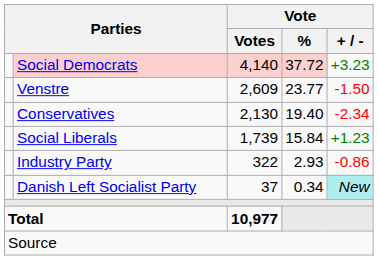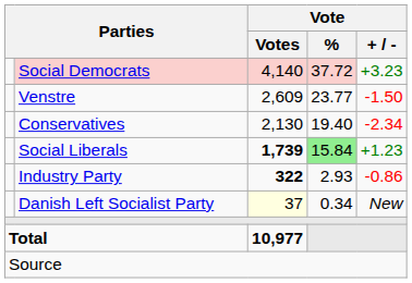 <table class="wikitable" style="text-align:right;">
 <tr>
 <th style="text-align:centre;" rowspan="2" colspan="2" width="225">Parties</th>
 <th colspan="3">Vote</th>
 </tr>
 <tr>
 <th width="15">Votes</th>
 <th width="15">%</th>
 <th width="15">+ / -</th>
 </tr>
 <tr>
 <td width="2" style="color:inherit;background:"></td>
 <td bgcolor=#fbd0ce  align="left"><a href='#'>Social Democrats</a></td>
 <td bgcolor=#fbd0ce>4,140</td>
 <td bgcolor=#fbd0ce>37.72</td>
 <td style=color:green;>+3.23</td>
 </tr>
 <tr>
 <td width="2" style="color:inherit;background:"></td>
 <td align="left"><a href='#'>Venstre</a></td>
 <td>2,609</td>
 <td>23.77</td>
 <td style=color:red;>-1.50</td>
 </tr>
 <tr>
 <td width="2" style="color:inherit;background:"></td>
 <td align="left"><a href='#'>Conservatives</a></td>
 <td>2,130</td>
 <td>19.40</td>
 <td style=color:red;>-2.34</td>
 </tr>
 <tr>
 <td width="2" style="color:inherit;background:"></td>
 <td align="left"><a href='#'>Social Liberals</a></td>
-<td>1,739</td>
-<td>15.84</td>
+<td><strong>1,739</strong></td>
+<td style="background: lightgreen;">15.84</td>
 <td style=color:green;>+1.23</td>
 </tr>
 <tr>
 <td width="2" style="color:inherit;background:"></td>
 <td align="left"><a href='#'>Industry Party</a></td>
-<td>322</td>
+<td><strong>322</strong></td>
 <td>2.93</td>
 <td style=color:red;>-0.86</td>
 </tr>
 <tr>
 <td width="2" style="color:inherit;background:"></td>
 <td align="left"><a href='#'>Danish Left Socialist Party</a></td>
-<td>37</td>
+<td style="background: lightyellow;">37</td>
 <td>0.34</td>
-<td style="background: paleturquoise;"><em>New</em></td>
+<td><em>New</em></td>
 </tr>
 <tr>
 <td colspan="7" bgcolor="#E9E9E9"></td>
 </tr>
 <tr>
 <td align="left" colspan="2"><strong>Total</strong></td>
 <td><strong>10,977</strong></td>
 <td bgcolor="#E9E9E9" colspan="2"></td>
 </tr>
 <tr>
 <td align="left" colspan="6">Source</td>
 </tr>
 </table>
